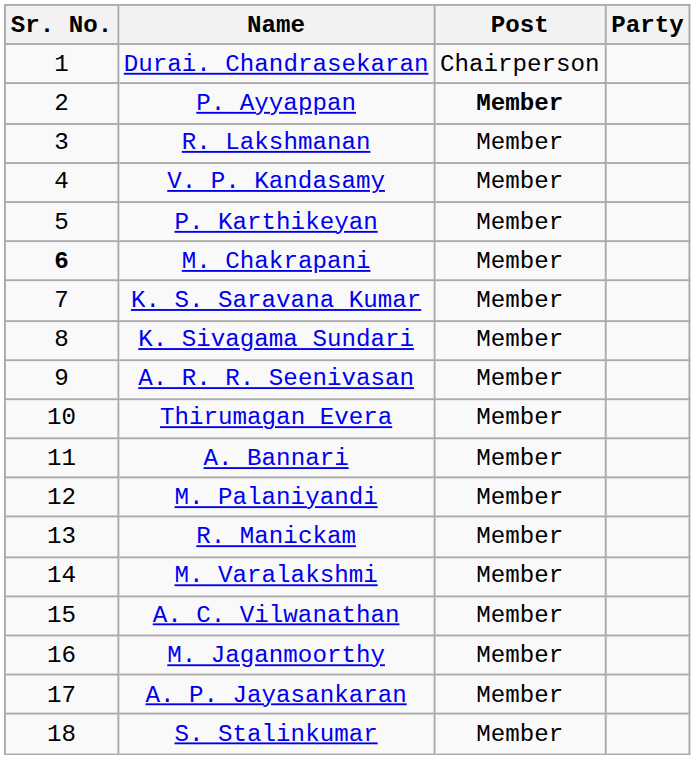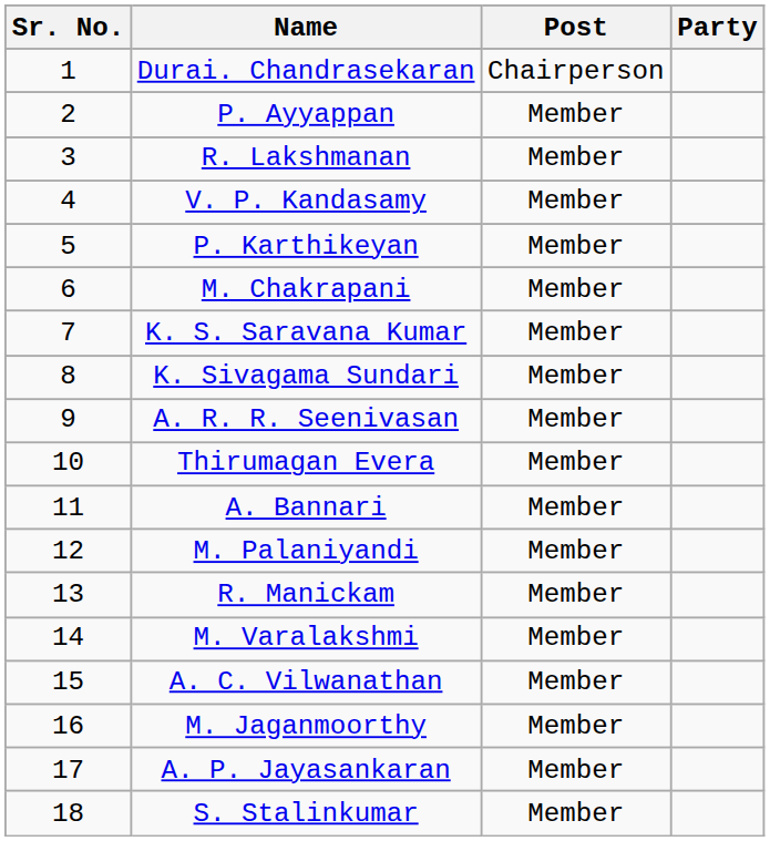 <table class="wikitable sortable">
 <tr>
 <th>Sr. No.</th>
 <th>Name</th>
 <th>Post</th>
 <th colspan="2">Party</th>
 </tr>
 <tr align="center">
 <td>1</td>
 <td><a href='#'>Durai. Chandrasekaran</a></td>
 <td>Chairperson</td>
 <td></td>
 </tr>
 <tr align="center">
 <td>2</td>
 <td><a href='#'>P. Ayyappan</a></td>
-<td><strong>Member</strong></td>
+<td>Member</td>
 <td></td>
 </tr>
 <tr align="center">
 <td>3</td>
 <td><a href='#'>R. Lakshmanan</a></td>
 <td>Member</td>
 <td></td>
 </tr>
 <tr align="center">
 <td>4</td>
 <td><a href='#'>V. P. Kandasamy</a></td>
 <td>Member</td>
 <td></td>
 </tr>
 <tr align="center">
 <td>5</td>
 <td><a href='#'>P. Karthikeyan</a></td>
 <td>Member</td>
 <td></td>
 </tr>
 <tr align="center">
-<td><strong>6</strong></td>
+<td>6</td>
 <td><a href='#'>M. Chakrapani</a></td>
 <td>Member</td>
 <td></td>
 </tr>
 <tr align="center">
 <td>7</td>
 <td><a href='#'>K. S. Saravana Kumar</a></td>
 <td>Member</td>
 <td></td>
 </tr>
 <tr align="center">
 <td>8</td>
 <td><a href='#'>K. Sivagama Sundari</a></td>
 <td>Member</td>
 <td></td>
 </tr>
 <tr align="center">
 <td>9</td>
 <td><a href='#'>A. R. R. Seenivasan</a></td>
 <td>Member</td>
 <td></td>
 </tr>
 <tr align="center">
 <td>10</td>
 <td><a href='#'>Thirumagan Evera</a></td>
 <td>Member</td>
 <td></td>
 </tr>
 <tr align="center">
 <td>11</td>
 <td><a href='#'>A. Bannari</a></td>
 <td>Member</td>
 <td></td>
 </tr>
 <tr align="center">
 <td>12</td>
 <td><a href='#'>M. Palaniyandi</a></td>
 <td>Member</td>
 <td></td>
 </tr>
 <tr align="center">
 <td>13</td>
 <td><a href='#'>R. Manickam</a></td>
 <td>Member</td>
 <td></td>
 </tr>
 <tr align="center">
 <td>14</td>
 <td><a href='#'>M. Varalakshmi</a></td>
 <td>Member</td>
 <td></td>
 </tr>
 <tr align="center">
 <td>15</td>
 <td><a href='#'>A. C. Vilwanathan</a></td>
 <td>Member</td>
 <td></td>
 </tr>
 <tr align="center">
 <td>16</td>
 <td><a href='#'>M. Jaganmoorthy</a></td>
 <td>Member</td>
 <td></td>
 </tr>
 <tr align="center">
 <td>17</td>
 <td><a href='#'>A. P. Jayasankaran</a></td>
 <td>Member</td>
 <td></td>
 </tr>
 <tr align="center">
 <td>18</td>
 <td><a href='#'>S. Stalinkumar</a></td>
 <td>Member</td>
 <td></td>
 </tr>
 </table>
